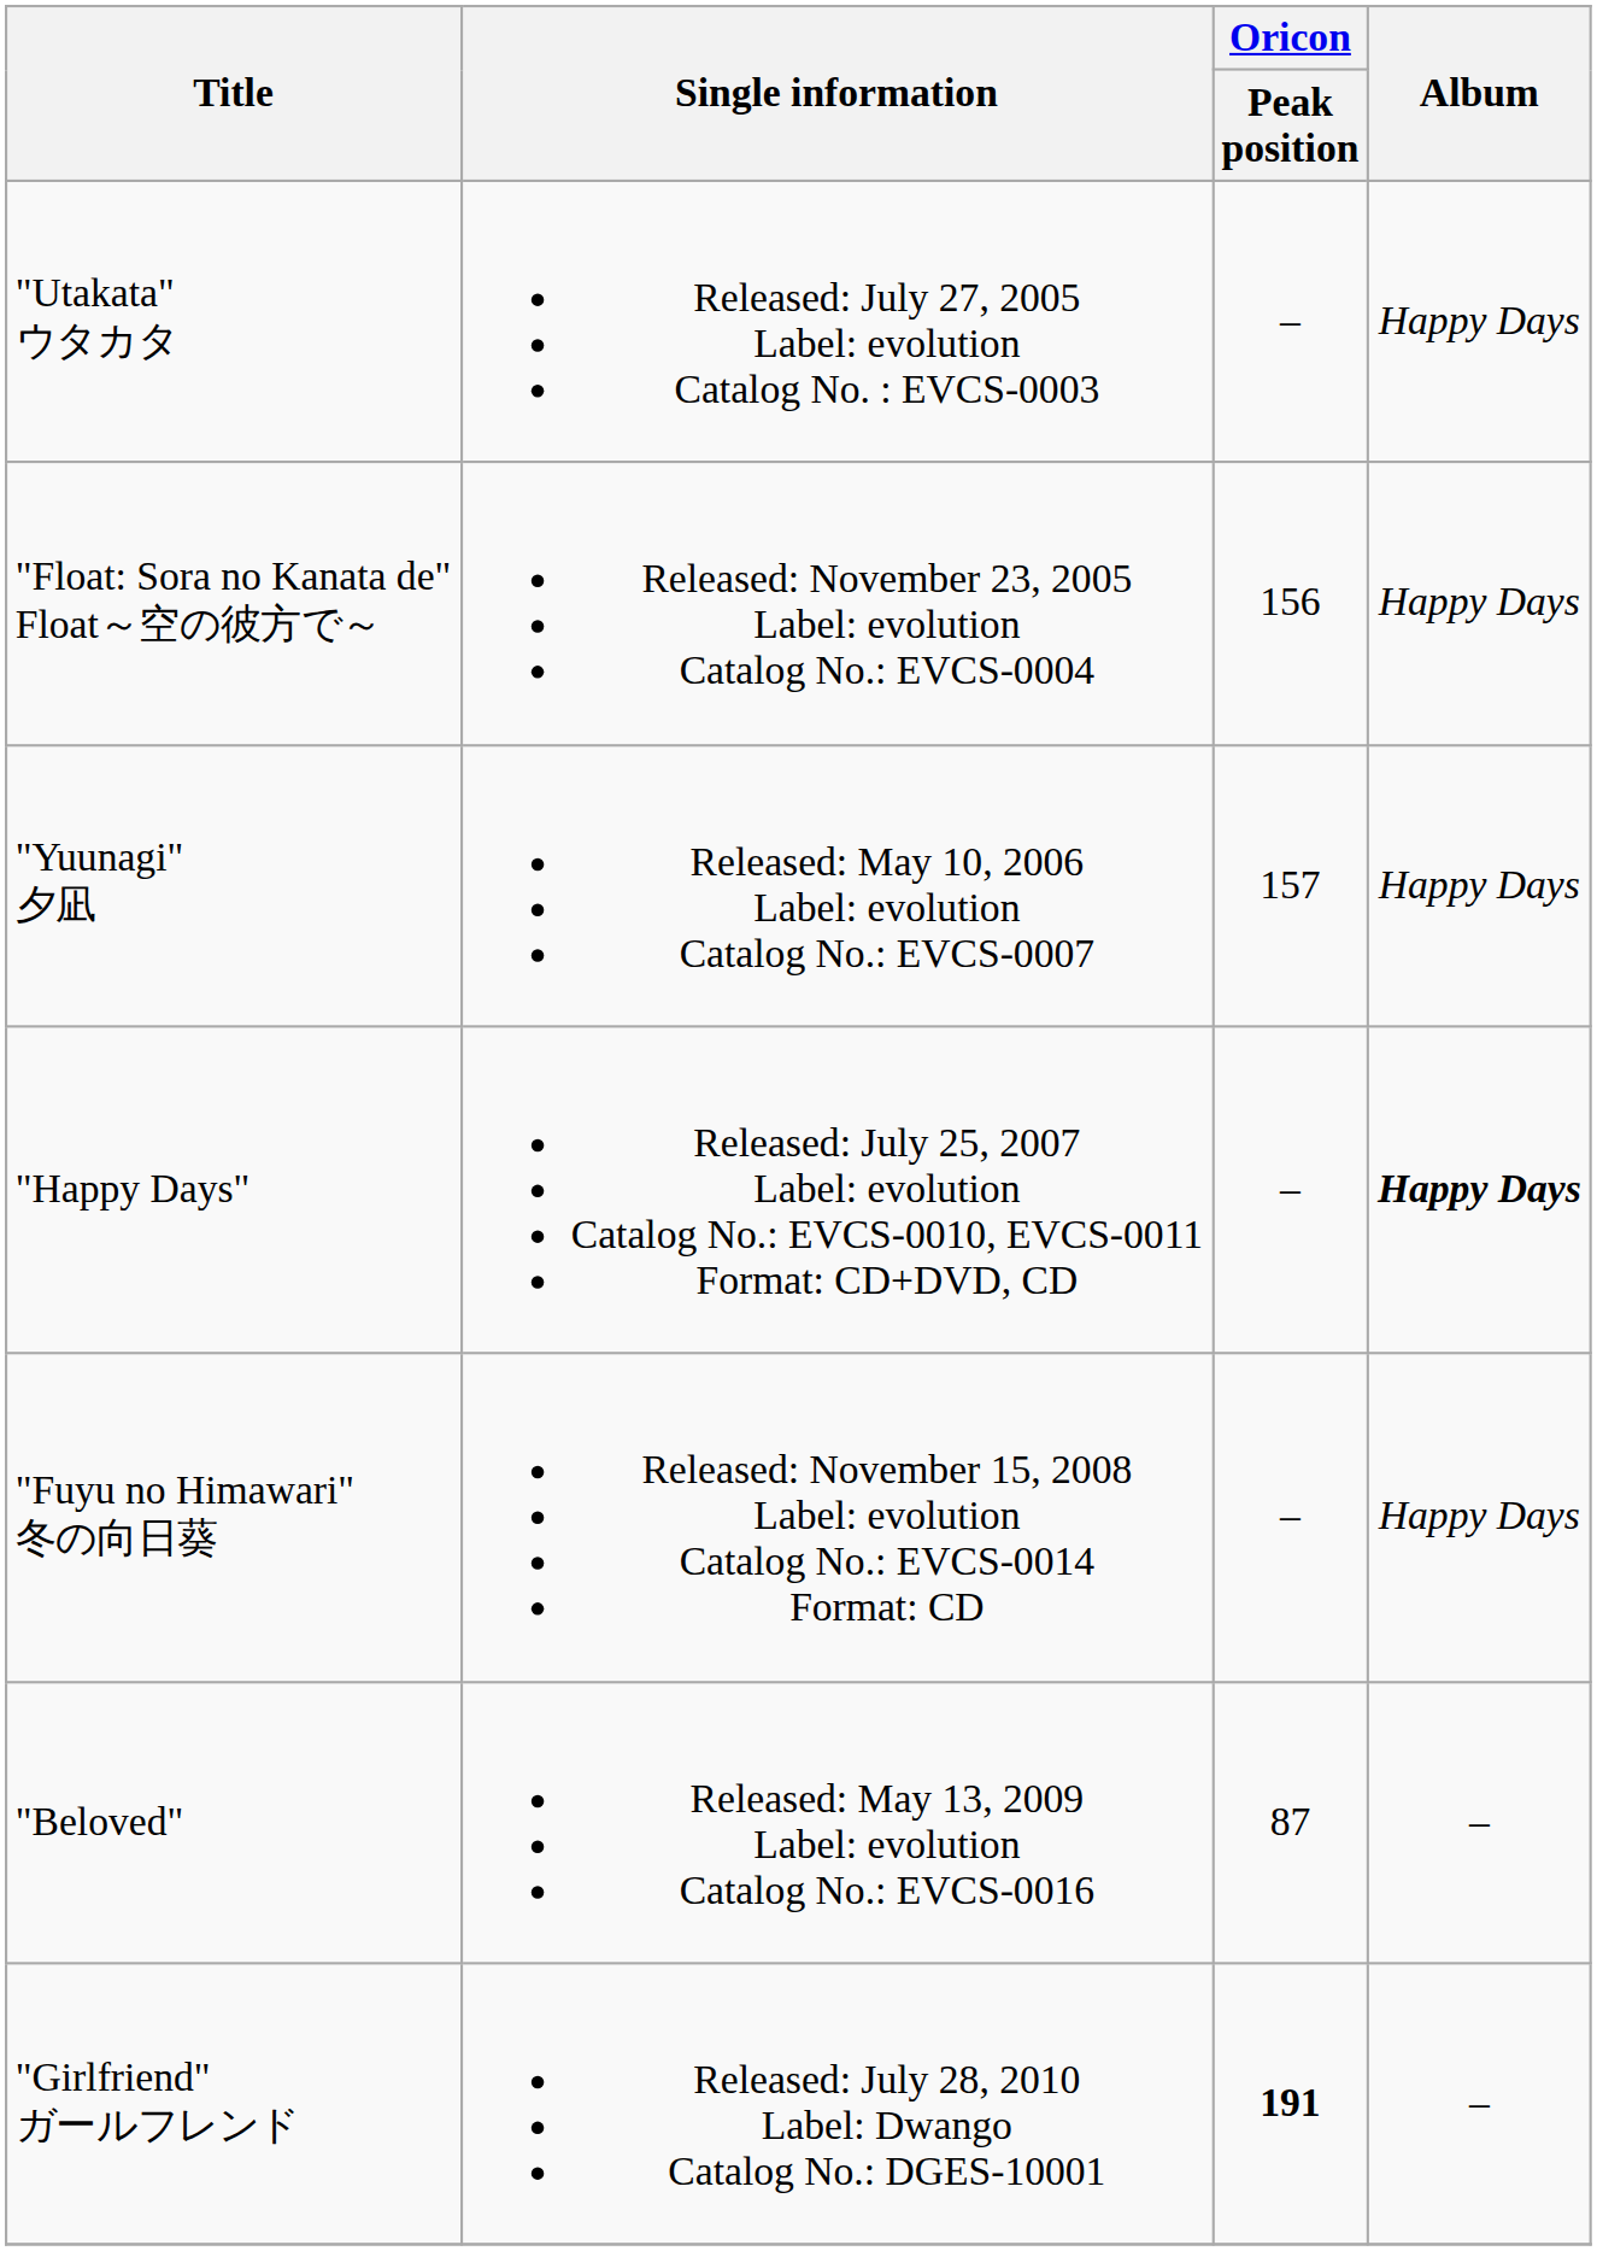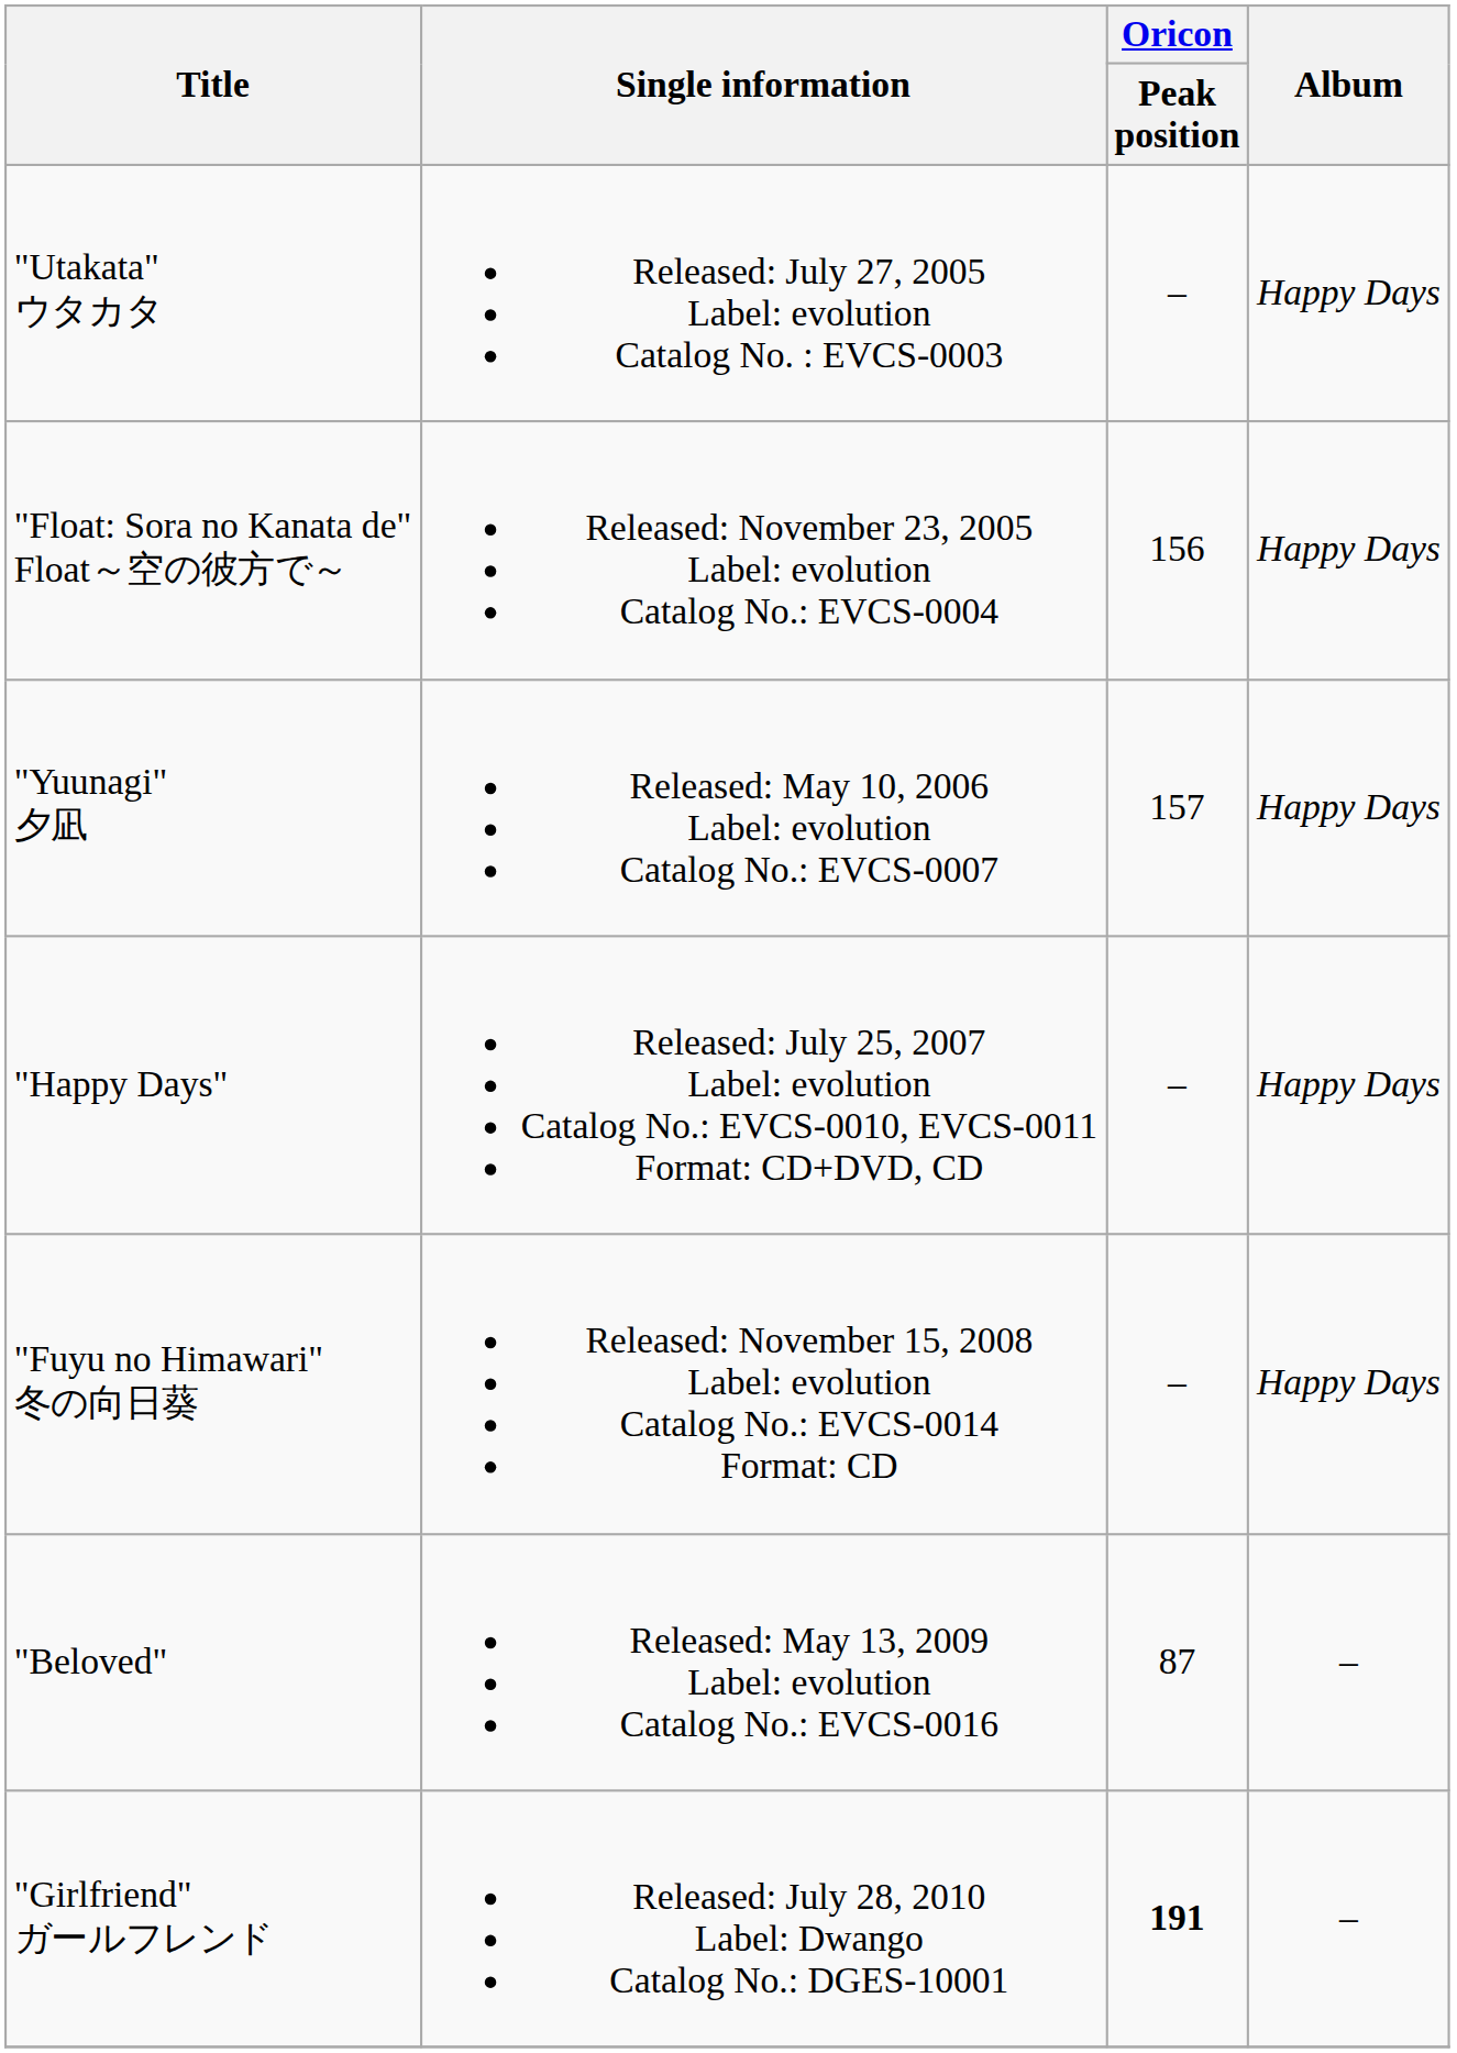 <table class="wikitable plainrowheaders" style="text-align:center">
 <tr>
 <th rowspan=2; style=>Title</th>
 <th rowspan=2;>Single information</th>
 <th colspan=1; style=><a href='#'>Oricon</a></th>
 <th rowspan=2;>Album</th>
 </tr>
 <tr>
 <th style=>Peak<br>position</th>
 </tr>
 <tr>
 <td align=left>"Utakata"<br>ウタカタ</td>
 <td><br><ul><li>Released: July 27, 2005</li><li>Label: evolution</li><li>Catalog No. : EVCS-0003</li></ul></td>
 <td>–</td>
 <td><em>Happy Days</em></td>
 </tr>
 <tr>
 <td align=left>"Float: Sora no Kanata de"<br>Float～空の彼方で～</td>
 <td><br><ul><li>Released: November 23, 2005</li><li>Label: evolution</li><li>Catalog No.: EVCS-0004</li></ul></td>
 <td>156</td>
 <td><em>Happy Days</em></td>
 </tr>
 <tr>
 <td align=left>"Yuunagi"<br>夕凪</td>
 <td><br><ul><li>Released: May 10, 2006</li><li>Label: evolution</li><li>Catalog No.: EVCS-0007</li></ul></td>
 <td>157</td>
 <td><em>Happy Days</em></td>
 </tr>
 <tr>
 <td align=left>"Happy Days"</td>
 <td><br><ul><li>Released: July 25, 2007</li><li>Label: evolution</li><li>Catalog No.: EVCS-0010, EVCS-0011</li><li>Format: CD+DVD, CD</li></ul></td>
 <td>–</td>
-<td><strong><em>Happy Days</em></strong></td>
+<td><em>Happy Days</em></td>
 </tr>
 <tr>
 <td align=left>"Fuyu no Himawari"<br>冬の向日葵</td>
 <td><br><ul><li>Released: November 15, 2008</li><li>Label: evolution</li><li>Catalog No.: EVCS-0014</li><li>Format: CD</li></ul></td>
 <td>–</td>
 <td><em>Happy Days</em></td>
 </tr>
 <tr>
 <td align=left>"Beloved"</td>
 <td><br><ul><li>Released: May 13, 2009</li><li>Label: evolution</li><li>Catalog No.: EVCS-0016</li></ul></td>
 <td>87</td>
 <td>–</td>
 </tr>
 <tr>
 <td align=left>"Girlfriend"<br>ガールフレンド</td>
 <td><br><ul><li>Released: July 28, 2010</li><li>Label: Dwango</li><li>Catalog No.: DGES-10001</li></ul></td>
 <td><strong>191</strong></td>
 <td>–</td>
 </tr>
 <tr>
 </tr>
 </table>
